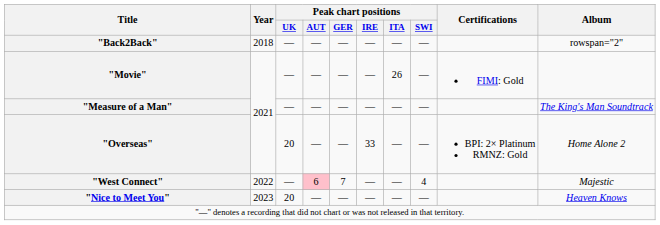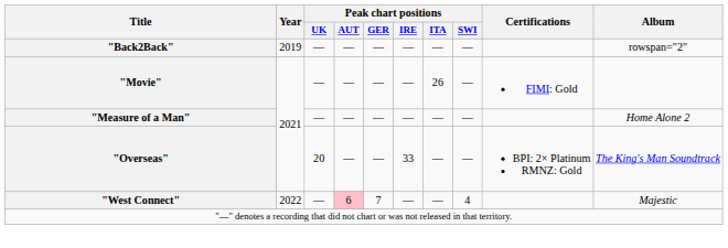 <table class="wikitable plainrowheaders" style="text-align:center;">
 <tr>
 <th scope="col" rowspan="2" style="width:24em;">Title</th>
 <th scope="col" rowspan="2" style="width:1em;">Year</th>
 <th scope="col" colspan="6">Peak chart positions</th>
 <th scope="col" rowspan="2">Certifications</th>
 <th scope="col" rowspan="2">Album</th>
 </tr>
 <tr>
 <th scope="col" style="width:2.5em;font-size:90%;"><a href='#'>UK</a><br></th>
 <th scope="col" style="width:2.5em;font-size:90%;"><a href='#'>AUT</a><br></th>
 <th scope="col" style="width:2.5em;font-size:90%;"><a href='#'>GER</a><br></th>
 <th scope="col" style="width:2.5em;font-size:90%;"><a href='#'>IRE</a><br></th>
 <th scope="col" style="width:2.5em;font-size:90%;"><a href='#'>ITA</a><br></th>
 <th scope="col" style="width:2.5em;font-size:90%;"><a href='#'>SWI</a><br></th>
 </tr>
 <tr>
 <th scope="row">"Back2Back"<br></th>
-<td>2018</td>
+<td>2019</td>
 <td>—</td>
 <td>—</td>
 <td>—</td>
 <td>—</td>
 <td>—</td>
 <td>—</td>
 <td></td>
 <td>rowspan="2" </td>
 </tr>
 <tr>
 <th scope="row">"Movie"<br></th>
 <td rowspan="3">2021</td>
 <td>—</td>
 <td>—</td>
 <td>—</td>
 <td>—</td>
 <td>26</td>
 <td>—</td>
 <td><br><ul><li><a href='#'>FIMI</a>: Gold</li></ul></td>
 </tr>
 <tr>
 <th scope="row">"Measure of a Man"<br></th>
 <td>—</td>
 <td>—</td>
 <td>—</td>
 <td>—</td>
 <td>—</td>
 <td>—</td>
 <td></td>
-<td><em><a href='#'>The King's Man Soundtrack</a></em></td>
+<td><em>Home Alone 2</em></td>
 </tr>
 <tr>
 <th scope="row">"Overseas"<br></th>
 <td>20</td>
 <td>—</td>
 <td>—</td>
 <td>33</td>
 <td>—</td>
 <td>—</td>
 <td><br><ul><li>BPI: 2× Platinum</li><li>RMNZ: Gold</li></ul></td>
-<td><em>Home Alone 2</em></td>
+<td><em><a href='#'>The King's Man Soundtrack</a></em></td>
 </tr>
 <tr>
 <th scope="row">"West Connect"<br></th>
 <td>2022</td>
 <td>—</td>
 <td style="background: pink;">6</td>
 <td>7</td>
 <td>—</td>
 <td>—</td>
 <td>4</td>
 <td></td>
 <td><em>Majestic</em></td>
 </tr>
 <tr>
-<th scope="row">"<a href='#'>Nice to Meet You</a>"<br></th>
-<td>2023</td>
-<td>20</td>
-<td>—</td>
-<td>—</td>
-<td>—</td>
-<td>—</td>
-<td>—</td>
-<td></td>
-<td><em><a href='#'>Heaven Knows</a></em></td>
-</tr>
-<tr>
 <td colspan="10" style="font-size:85%">"—" denotes a recording that did not chart or was not released in that territory.</td>
 </tr>
 </table>
